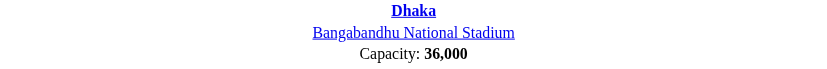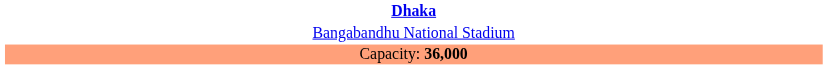 <table style="text-align:center;" wikitable>
 <tr>
 <th width="25%"><a href='#'>Dhaka</a></th>
 </tr>
 <tr>
 <td><a href='#'>Bangabandhu National Stadium</a></td>
 </tr>
 <tr>
-<td>Capacity: <strong>36,000</strong></td>
+<td style="background: lightsalmon;">Capacity: <strong>36,000</strong></td>
 </tr>
 <tr>
 <td></td>
 </tr>
 </table>
